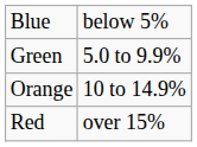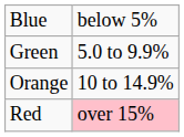 <table class="wikitable">
 <tr>
 <td>Blue</td>
 <td>below 5%</td>
 </tr>
 <tr>
 <td>Green</td>
 <td>5.0 to 9.9%</td>
 </tr>
 <tr>
 <td>Orange</td>
 <td>10 to 14.9%</td>
 </tr>
 <tr>
 <td>Red</td>
-<td>over 15%</td>
+<td style="background: pink;">over 15%</td>
 </tr>
 </table>
